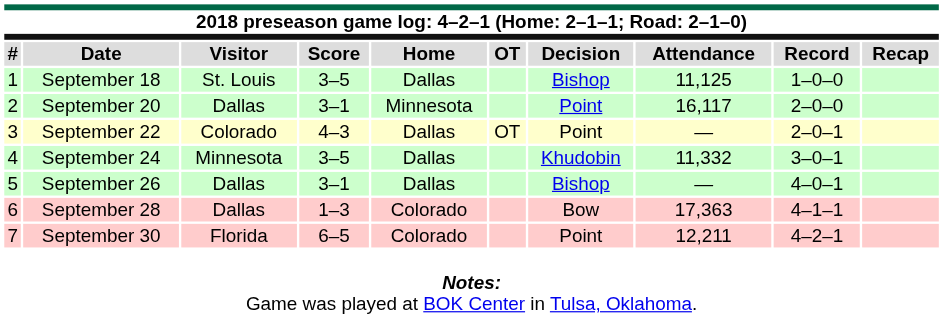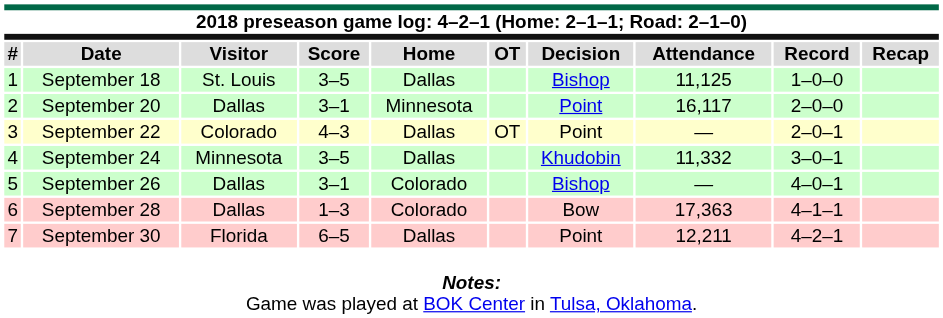 <table class="toccolours collapsible collapsed" style="width:90%; clear:both; margin:1.5em auto; text-align:center;">
 <tr>
 <th colspan="10" style="background:#FFFFFF; border-top:#006847 5px solid; border-bottom:#111111 5px solid;">2018 preseason game log: 4–2–1 (Home: 2–1–1; Road: 2–1–0)</th>
 </tr>
 <tr style="background:#ddd;">
 <th>#</th>
 <th>Date</th>
 <th>Visitor</th>
 <th>Score</th>
 <th>Home</th>
 <th>OT</th>
 <th>Decision</th>
 <th>Attendance</th>
 <th>Record</th>
 <th>Recap</th>
 </tr>
 <tr style="background:#cfc;">
 <td>1</td>
 <td>September 18</td>
 <td>St. Louis</td>
 <td>3–5</td>
 <td>Dallas</td>
 <td></td>
 <td><a href='#'>Bishop</a></td>
 <td>11,125</td>
 <td>1–0–0</td>
 <td></td>
 </tr>
 <tr style="background:#cfc;">
 <td>2</td>
 <td>September 20</td>
 <td>Dallas</td>
 <td>3–1</td>
 <td>Minnesota</td>
 <td></td>
 <td><a href='#'>Point</a></td>
 <td>16,117</td>
 <td>2–0–0</td>
 <td></td>
 </tr>
 <tr style="background:#ffc;">
 <td>3</td>
 <td>September 22</td>
 <td>Colorado</td>
 <td>4–3</td>
 <td>Dallas</td>
 <td>OT</td>
 <td>Point</td>
 <td>—</td>
 <td>2–0–1</td>
 <td></td>
 </tr>
 <tr style="background:#cfc;">
 <td>4</td>
 <td>September 24</td>
 <td>Minnesota</td>
 <td>3–5</td>
 <td>Dallas</td>
 <td></td>
 <td><a href='#'>Khudobin</a></td>
 <td>11,332</td>
 <td>3–0–1</td>
 <td></td>
 </tr>
 <tr style="background:#cfc;">
 <td>5</td>
 <td>September 26</td>
 <td>Dallas</td>
 <td>3–1</td>
-<td>Dallas</td>
+<td>Colorado</td>
 <td></td>
 <td><a href='#'>Bishop</a></td>
 <td>—</td>
 <td>4–0–1</td>
 <td></td>
 </tr>
 <tr style="background:#fcc;">
 <td>6</td>
 <td>September 28</td>
 <td>Dallas</td>
 <td>1–3</td>
 <td>Colorado</td>
 <td></td>
 <td>Bow</td>
 <td>17,363</td>
 <td>4–1–1</td>
 <td></td>
 </tr>
 <tr style="background:#fcc;">
 <td>7</td>
 <td>September 30</td>
 <td>Florida</td>
 <td>6–5</td>
-<td>Colorado</td>
+<td>Dallas</td>
 <td></td>
 <td>Point</td>
 <td>12,211</td>
 <td>4–2–1</td>
 <td></td>
 </tr>
 <tr>
 <td colspan="10" style="text-align:center;"><br><strong><em>Notes:</em></strong><br>  Game was played at <a href='#'>BOK Center</a> in <a href='#'>Tulsa, Oklahoma</a>.</td>
 </tr>
 </table>
